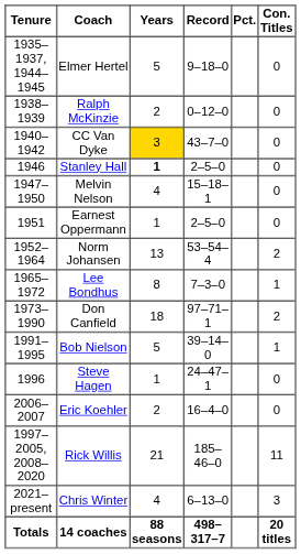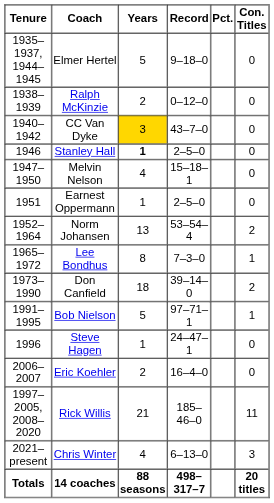 <table cellpadding="1" border="1" cellspacing="0" width="60%">
 <tr>
 <th>Tenure</th>
 <th>Coach</th>
 <th>Years</th>
 <th>Record</th>
 <th>Pct.</th>
 <th>Con. Titles</th>
 </tr>
 <tr align="center">
 <td>1935–1937, 1944–1945</td>
 <td>Elmer Hertel</td>
 <td>5</td>
 <td>9–18–0</td>
 <td></td>
 <td>0</td>
 </tr>
 <tr align="center">
 <td>1938–1939</td>
 <td><a href='#'>Ralph McKinzie</a></td>
 <td>2</td>
 <td>0–12–0</td>
 <td></td>
 <td>0</td>
 </tr>
 <tr align="center">
 <td>1940–1942</td>
 <td>CC Van Dyke</td>
 <td style="background: gold;">3</td>
 <td>43–7–0</td>
 <td></td>
 <td>0</td>
 </tr>
 <tr align="center">
 <td>1946</td>
 <td><a href='#'>Stanley Hall</a></td>
 <td><strong>1</strong></td>
 <td>2–5–0</td>
 <td></td>
 <td>0</td>
 </tr>
 <tr align="center">
 <td>1947–1950</td>
 <td>Melvin Nelson</td>
 <td>4</td>
 <td>15–18–1</td>
 <td></td>
 <td>0</td>
 </tr>
 <tr align="center">
 <td>1951</td>
 <td>Earnest Oppermann</td>
 <td>1</td>
 <td>2–5–0</td>
 <td></td>
 <td>0</td>
 </tr>
 <tr align="center">
 <td>1952–1964</td>
 <td>Norm Johansen</td>
 <td>13</td>
 <td>53–54–4</td>
 <td></td>
 <td>2</td>
 </tr>
 <tr align="center">
 <td>1965–1972</td>
 <td><a href='#'>Lee Bondhus</a></td>
 <td>8</td>
 <td>7–3–0</td>
 <td></td>
 <td>1</td>
 </tr>
 <tr align=center>
 <td>1973–1990</td>
 <td>Don Canfield</td>
 <td>18</td>
-<td>97–71–1</td>
+<td>39–14–0</td>
 <td></td>
 <td>2</td>
 </tr>
 <tr align=center>
 <td>1991–1995</td>
 <td><a href='#'>Bob Nielson</a></td>
 <td>5</td>
-<td>39–14–0</td>
+<td>97–71–1</td>
 <td></td>
 <td>1</td>
 </tr>
 <tr align=center>
 <td>1996</td>
 <td><a href='#'>Steve Hagen</a></td>
 <td>1</td>
 <td>24–47–1</td>
 <td></td>
 <td>0</td>
 </tr>
 <tr align=center>
 <td>2006–2007</td>
 <td><a href='#'>Eric Koehler</a></td>
 <td>2</td>
 <td>16–4–0</td>
 <td></td>
 <td>0</td>
 </tr>
 <tr align=center>
 <td>1997–2005, 2008–2020</td>
 <td><a href='#'>Rick Willis</a></td>
 <td>21</td>
 <td>185–46–0</td>
 <td></td>
 <td>11</td>
 </tr>
 <tr align=center>
 <td>2021–present</td>
 <td><a href='#'>Chris Winter</a></td>
 <td>4</td>
 <td>6–13–0</td>
 <td></td>
 <td>3</td>
 </tr>
 <tr align=center>
 <th>Totals</th>
 <th>14 coaches</th>
 <th>88 seasons</th>
 <th>498–317–7</th>
 <th></th>
 <th>20 titles</th>
 </tr>
 </table>
